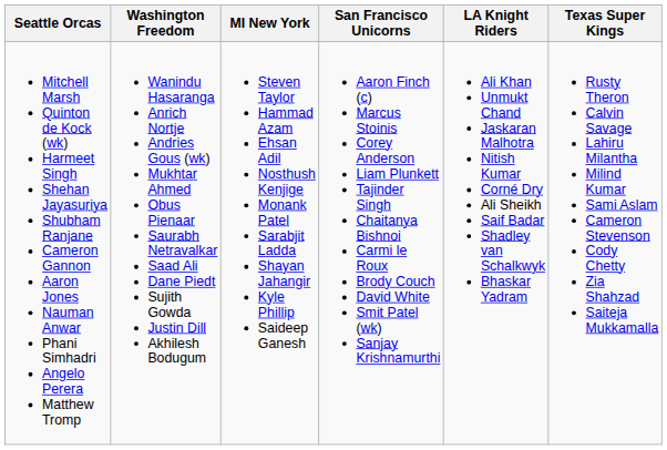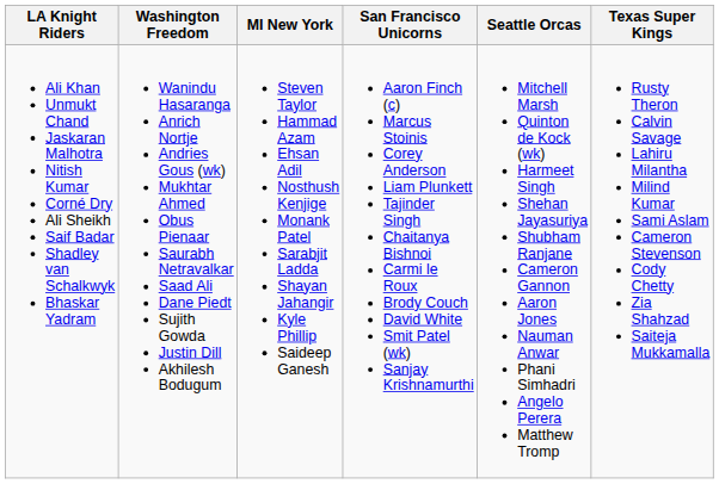 <table class="wikitable" style="text-align:left; margin:auto">
 <tr>
-<th scope="col">Seattle Orcas</th>
+<th scope="col">LA Knight Riders</th>
 <th scope="col">Washington Freedom</th>
 <th scope="col">MI New York</th>
 <th scope="col">San Francisco Unicorns</th>
-<th scope="col">LA Knight Riders</th>
+<th scope="col">Seattle Orcas</th>
 <th scope="col">Texas Super Kings</th>
 </tr>
 <tr style="vertical-align:top">
-<td><br><ul><li><a href='#'>Mitchell Marsh</a></li><li><a href='#'>Quinton de Kock</a> (<a href='#'>wk</a>)</li><li><a href='#'>Harmeet Singh</a></li><li><a href='#'>Shehan Jayasuriya</a></li><li><a href='#'>Shubham Ranjane</a></li><li><a href='#'>Cameron Gannon</a></li><li><a href='#'>Aaron Jones</a></li><li><a href='#'>Nauman Anwar</a></li><li>Phani Simhadri</li><li><a href='#'>Angelo Perera</a></li><li>Matthew Tromp</li></ul></td>
+<td><br><ul><li><a href='#'>Ali Khan</a></li><li><a href='#'>Unmukt Chand</a></li><li><a href='#'>Jaskaran Malhotra</a></li><li><a href='#'>Nitish Kumar</a></li><li><a href='#'>Corné Dry</a></li><li>Ali Sheikh</li><li><a href='#'>Saif Badar</a></li><li><a href='#'>Shadley van Schalkwyk</a></li><li><a href='#'>Bhaskar Yadram</a></li></ul></td>
 <td><br><ul><li><a href='#'>Wanindu Hasaranga</a></li><li><a href='#'>Anrich Nortje</a></li><li><a href='#'>Andries Gous</a> (<a href='#'>wk</a>)</li><li><a href='#'>Mukhtar Ahmed</a></li><li><a href='#'>Obus Pienaar</a></li><li><a href='#'>Saurabh Netravalkar</a></li><li><a href='#'>Saad Ali</a></li><li><a href='#'>Dane Piedt</a></li><li>Sujith Gowda</li><li><a href='#'>Justin Dill</a></li><li>Akhilesh Bodugum</li></ul></td>
 <td><br><ul><li><a href='#'>Steven Taylor</a></li><li><a href='#'>Hammad Azam</a></li><li><a href='#'>Ehsan Adil</a></li><li><a href='#'>Nosthush Kenjige</a></li><li><a href='#'>Monank Patel</a></li><li><a href='#'>Sarabjit Ladda</a></li><li><a href='#'>Shayan Jahangir</a></li><li><a href='#'>Kyle Phillip</a></li><li>Saideep Ganesh</li></ul></td>
 <td><br><ul><li><a href='#'>Aaron Finch</a> (<a href='#'>c</a>)</li><li><a href='#'>Marcus Stoinis</a></li><li><a href='#'>Corey Anderson</a></li><li><a href='#'>Liam Plunkett</a></li><li><a href='#'>Tajinder Singh</a></li><li><a href='#'>Chaitanya Bishnoi</a></li><li><a href='#'>Carmi le Roux</a></li><li><a href='#'>Brody Couch</a></li><li><a href='#'>David White</a></li><li><a href='#'>Smit Patel</a> (<a href='#'>wk</a>)</li><li><a href='#'>Sanjay Krishnamurthi</a></li></ul></td>
-<td><br><ul><li><a href='#'>Ali Khan</a></li><li><a href='#'>Unmukt Chand</a></li><li><a href='#'>Jaskaran Malhotra</a></li><li><a href='#'>Nitish Kumar</a></li><li><a href='#'>Corné Dry</a></li><li>Ali Sheikh</li><li><a href='#'>Saif Badar</a></li><li><a href='#'>Shadley van Schalkwyk</a></li><li><a href='#'>Bhaskar Yadram</a></li></ul></td>
+<td><br><ul><li><a href='#'>Mitchell Marsh</a></li><li><a href='#'>Quinton de Kock</a> (<a href='#'>wk</a>)</li><li><a href='#'>Harmeet Singh</a></li><li><a href='#'>Shehan Jayasuriya</a></li><li><a href='#'>Shubham Ranjane</a></li><li><a href='#'>Cameron Gannon</a></li><li><a href='#'>Aaron Jones</a></li><li><a href='#'>Nauman Anwar</a></li><li>Phani Simhadri</li><li><a href='#'>Angelo Perera</a></li><li>Matthew Tromp</li></ul></td>
 <td><br><ul><li><a href='#'>Rusty Theron</a></li><li><a href='#'>Calvin Savage</a></li><li><a href='#'>Lahiru Milantha</a></li><li><a href='#'>Milind Kumar</a></li><li><a href='#'>Sami Aslam</a></li><li><a href='#'>Cameron Stevenson</a></li><li><a href='#'>Cody Chetty</a></li><li><a href='#'>Zia Shahzad</a></li><li><a href='#'>Saiteja Mukkamalla</a></li></ul></td>
 </tr>
 </table>
